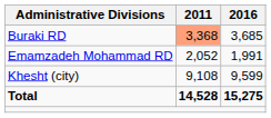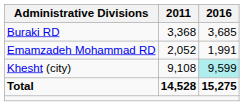 <table class="wikitable">
 <tr>
 <th>Administrative Divisions</th>
 <th>2011</th>
 <th>2016</th>
 </tr>
 <tr>
 <td><a href='#'>Buraki RD</a></td>
-<td style="background: lightsalmon; text-align: right;">3,368</td>
+<td style="text-align: right;">3,368</td>
 <td style="text-align: right;">3,685</td>
 </tr>
 <tr>
 <td><a href='#'>Emamzadeh Mohammad RD</a></td>
 <td style="text-align: right;">2,052</td>
 <td style="text-align: right;">1,991</td>
 </tr>
 <tr>
 <td><a href='#'>Khesht</a> (city)</td>
 <td style="text-align: right;">9,108</td>
-<td style="text-align: right;">9,599</td>
+<td style="background: paleturquoise; text-align: right;">9,599</td>
 </tr>
 <tr>
 <td><strong>Total</strong></td>
 <td style="text-align: right;"><strong>14,528</strong></td>
 <td style="text-align: right;"><strong>15,275</strong></td>
 </tr>
 <tr>
 <td colspan=3></td>
 </tr>
 </table>
